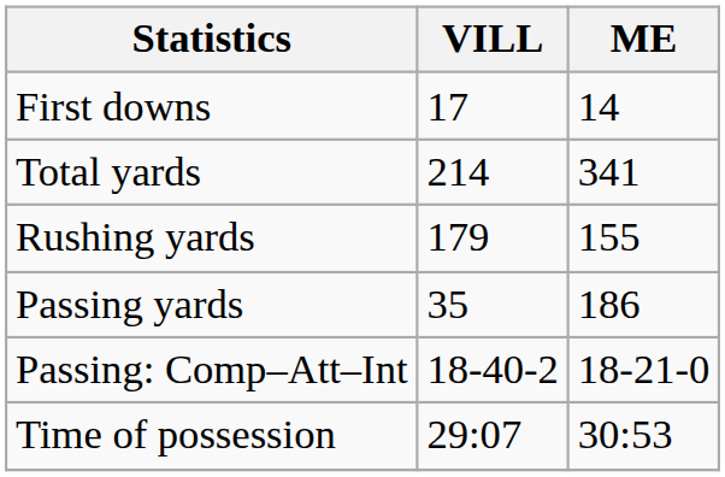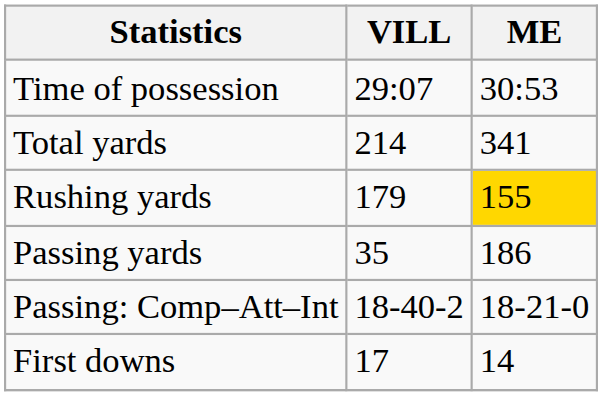 <table class="wikitable" style="float: left;">
 <tr>
 <th>Statistics</th>
 <th>VILL</th>
 <th>ME</th>
 </tr>
 <tr>
-<td>First downs</td>
-<td>17</td>
-<td>14</td>
+<td>Time of possession</td>
+<td>29:07</td>
+<td>30:53</td>
 </tr>
 <tr>
 <td>Total yards</td>
 <td>214</td>
 <td>341</td>
 </tr>
 <tr>
 <td>Rushing yards</td>
 <td>179</td>
-<td>155</td>
+<td style="background: gold;">155</td>
 </tr>
 <tr>
 <td>Passing yards</td>
 <td>35</td>
 <td>186</td>
 </tr>
 <tr>
 <td>Passing: Comp–Att–Int</td>
 <td>18-40-2</td>
 <td>18-21-0</td>
 </tr>
 <tr>
-<td>Time of possession</td>
-<td>29:07</td>
-<td>30:53</td>
+<td>First downs</td>
+<td>17</td>
+<td>14</td>
 </tr>
 <tr>
 </tr>
 </table>
